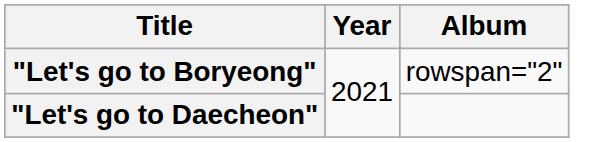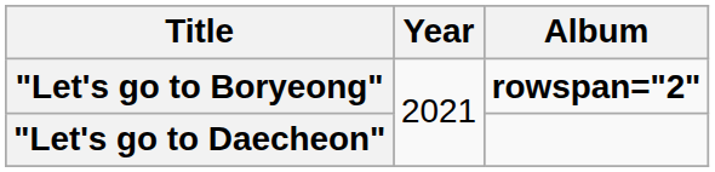 <table class="wikitable plainrowheaders" style="text-align:center">
 <tr>
 <th scope="col">Title</th>
 <th scope="col">Year</th>
 <th>Album</th>
 </tr>
 <tr>
 <th scope="row">"Let's go to Boryeong"<br> </th>
 <td rowspan="2">2021</td>
-<td>rowspan="2" </td>
+<td><strong>rowspan="2" </strong></td>
 </tr>
 <tr>
 <th scope="row">"Let's go to Daecheon"</th>
 </tr>
 </table>
